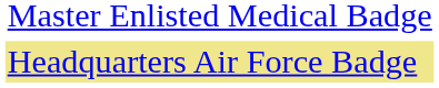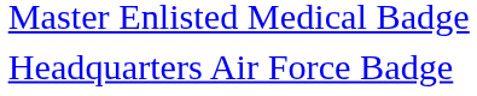 <table>
 <tr>
 <td> <a href='#'>Master Enlisted Medical Badge</a></td>
 </tr>
 <tr>
-<td style="background: khaki;"> <a href='#'>Headquarters Air Force Badge</a></td>
+<td> <a href='#'>Headquarters Air Force Badge</a></td>
 </tr>
 </table>
